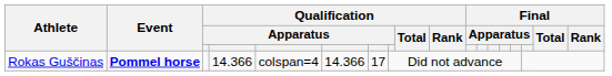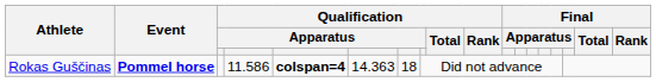 <table class="wikitable" style="font-size:90%">
 <tr>
 <th rowspan=3>Athlete</th>
 <th rowspan=3>Event</th>
 <th colspan =8>Qualification</th>
 <th colspan =8>Final</th>
 </tr>
 <tr style="font-size:95%">
 <th colspan=6>Apparatus</th>
 <th rowspan=2>Total</th>
 <th rowspan=2>Rank</th>
 <th colspan=6>Apparatus</th>
 <th rowspan=2>Total</th>
 <th rowspan=2>Rank</th>
 </tr>
 <tr style="font-size:95%">
 <th></th>
 <th></th>
 <th></th>
 <th></th>
 <th></th>
 <th></th>
 <th></th>
 <th></th>
 <th></th>
 <th></th>
 <th></th>
 <th></th>
 </tr>
 <tr align=center>
 <td align=left><a href='#'>Rokas Guščinas</a></td>
 <td align=left><strong><a href='#'>Pommel horse</a></strong></td>
 <td></td>
-<td>14.366</td>
-<td>colspan=4 </td>
-<td>14.366</td>
-<td>17</td>
+<td>11.586</td>
+<td><strong>colspan=4 </strong></td>
+<td>14.363</td>
+<td>18</td>
 <td colspan =8>Did not advance</td>
 </tr>
 </table>
